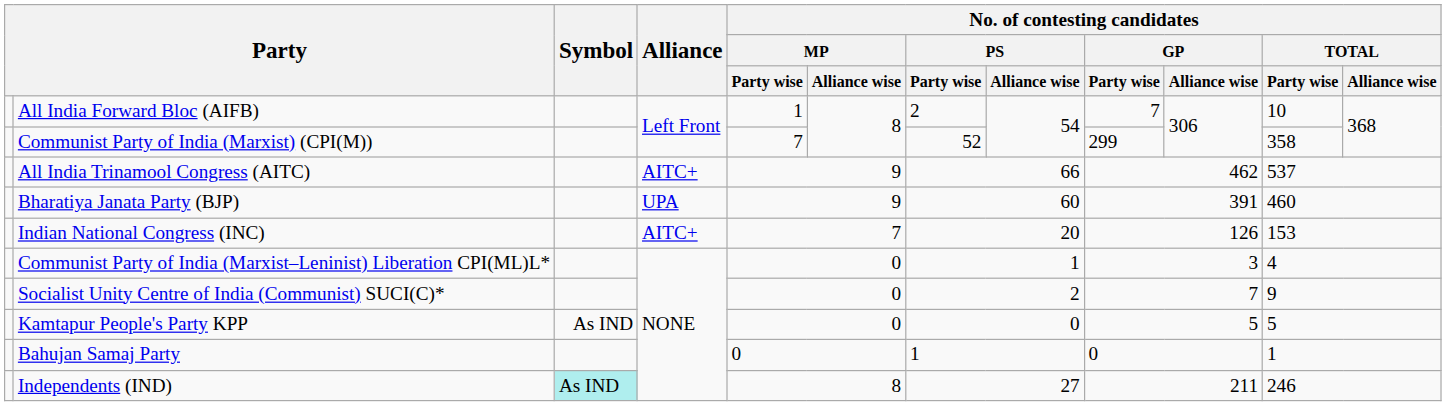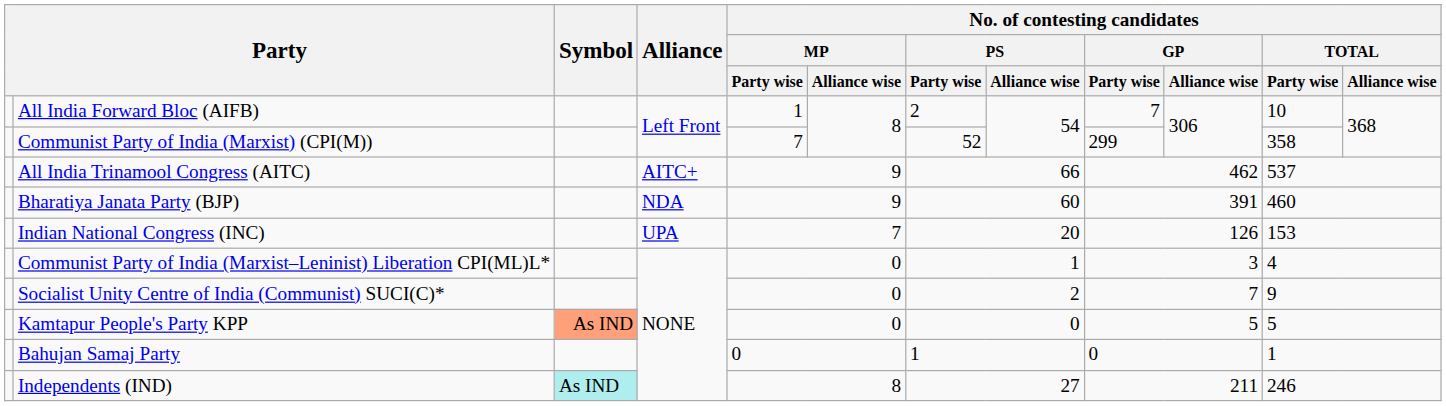 <table class="wikitable">
 <tr>
 <th colspan="2" rowspan="3"><big>Party</big></th>
 <th rowspan="3"><big>Symbol</big></th>
 <th rowspan="3"><big>Alliance</big></th>
 <th colspan="8">No. of contesting candidates</th>
 </tr>
 <tr>
 <th colspan="2"><small>MP</small></th>
 <th colspan="2"><small>PS</small></th>
 <th colspan="2"><small>GP</small></th>
 <th colspan="2"><small>TOTAL</small></th>
 </tr>
 <tr>
 <th><small>Party wise</small></th>
 <th><small>Alliance wise</small></th>
 <th><small>Party wise</small></th>
 <th><small>Alliance wise</small></th>
 <th><small>Party wise</small></th>
 <th><small>Alliance wise</small></th>
 <th><small>Party wise</small></th>
 <th><small>Alliance wise</small></th>
 </tr>
 <tr>
 <td></td>
 <td><a href='#'>All India Forward Bloc</a> (AIFB)</td>
 <td></td>
 <td rowspan="2"><a href='#'>Left Front</a></td>
 <td style="text-align:right">1</td>
 <td rowspan="2" style="text-align:right">8</td>
 <td>2</td>
 <td rowspan="2" style="text-align:right">54</td>
 <td style="text-align:right">7</td>
 <td rowspan="2">306</td>
 <td>10</td>
 <td rowspan="2">368</td>
 </tr>
 <tr>
 <td></td>
 <td><a href='#'>Communist Party of India (Marxist)</a> (CPI(M))</td>
 <td></td>
 <td style="text-align:right">7</td>
 <td style="text-align:right">52</td>
 <td>299</td>
 <td>358</td>
 </tr>
 <tr>
 <td></td>
 <td><a href='#'>All India Trinamool Congress</a> (AITC)</td>
 <td></td>
 <td><a href='#'>AITC+</a></td>
 <td colspan="2" style="text-align:right">9</td>
 <td colspan="2" style="text-align:right">66</td>
 <td colspan="2" style="text-align:right">462</td>
 <td colspan="2">537</td>
 </tr>
 <tr>
 <td></td>
 <td><a href='#'>Bharatiya Janata Party</a> (BJP)</td>
 <td></td>
-<td><a href='#'>UPA</a></td>
+<td><a href='#'>NDA</a></td>
 <td colspan="2" style="text-align:right">9</td>
 <td colspan="2" style="text-align:right">60</td>
 <td colspan="2" style="text-align:right">391</td>
 <td colspan="2">460</td>
 </tr>
 <tr>
 <td></td>
 <td><a href='#'>Indian National Congress</a> (INC)</td>
 <td></td>
-<td><a href='#'>AITC+</a></td>
+<td><a href='#'>UPA</a></td>
 <td colspan="2" style="text-align:right">7</td>
 <td colspan="2" style="text-align:right">20</td>
 <td colspan="2" style="text-align:right">126</td>
 <td colspan="2">153</td>
 </tr>
 <tr>
 <td></td>
 <td><a href='#'>Communist Party of India (Marxist–Leninist) Liberation</a> CPI(ML)L*</td>
 <td></td>
 <td rowspan="5">NONE</td>
 <td colspan="2" style="text-align:right">0</td>
 <td colspan="2" style="text-align:right">1</td>
 <td colspan="2" style="text-align:right">3</td>
 <td colspan="2">4</td>
 </tr>
 <tr>
 <td></td>
 <td><a href='#'>Socialist Unity Centre of India (Communist)</a> SUCI(C)*</td>
 <td></td>
 <td colspan="2" style="text-align:right">0</td>
 <td colspan="2" style="text-align:right">2</td>
 <td colspan="2" style="text-align:right">7</td>
 <td colspan="2">9</td>
 </tr>
 <tr>
 <td></td>
 <td><a href='#'>Kamtapur People's Party</a> KPP</td>
-<td style="text-align:right">As IND</td>
+<td style="background: lightsalmon; text-align:right">As IND</td>
 <td colspan="2" style="text-align:right">0</td>
 <td colspan="2" style="text-align:right">0</td>
 <td colspan="2" style="text-align:right">5</td>
 <td colspan="2">5</td>
 </tr>
 <tr>
 <td></td>
 <td><a href='#'>Bahujan Samaj Party</a></td>
 <td></td>
 <td colspan="2">0</td>
 <td colspan="2">1</td>
 <td colspan="2">0</td>
 <td colspan="2">1</td>
 </tr>
 <tr>
 <td></td>
 <td><a href='#'>Independents</a> (IND)</td>
 <td style="background: paleturquoise;">As IND</td>
 <td colspan="2" style="text-align:right">8</td>
 <td colspan="2" style="text-align:right">27</td>
 <td colspan="2" style="text-align:right">211</td>
 <td colspan="2">246</td>
 </tr>
 </table>
